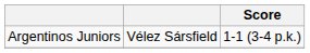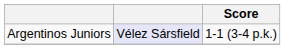 <table class="wikitable" style="text-align: center;">
 <tr>
 <th></th>
 <th></th>
 <th>Score</th>
 </tr>
 <tr>
 <td>Argentinos Juniors</td>
-<td>Vélez Sársfield</td>
+<td style="background: lavender;">Vélez Sársfield</td>
 <td>1-1 (3-4 p.k.)</td>
 </tr>
 <tr>
 </tr>
 </table>
